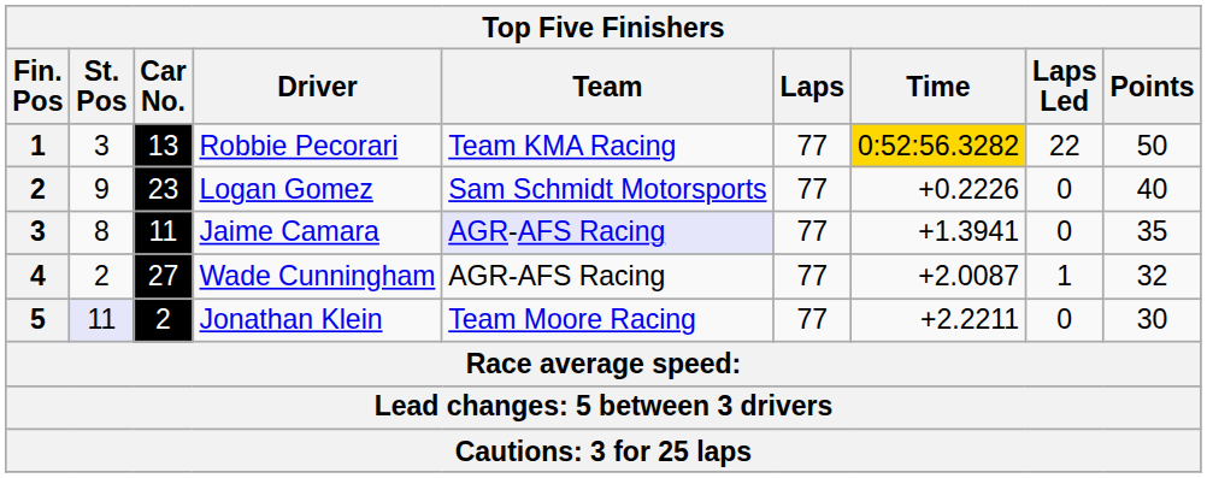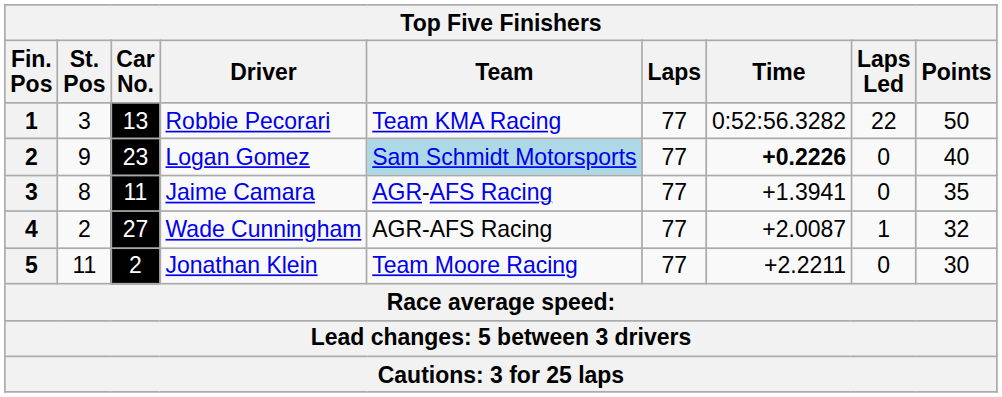 <table class="wikitable" style="font-size:85%;">
 <tr>
 <th colspan=9>Top Five Finishers</th>
 </tr>
 <tr>
 <th>Fin.<br>Pos</th>
 <th>St.<br>Pos</th>
 <th>Car<br>No.</th>
 <th>Driver</th>
 <th>Team</th>
 <th>Laps</th>
 <th>Time</th>
 <th>Laps<br>Led</th>
 <th>Points</th>
 </tr>
 <tr>
 <th>1</th>
 <td align=center>3</td>
 <td style="background:#000000; color:white;" align=center>13</td>
 <td> <a href='#'>Robbie Pecorari</a></td>
 <td><a href='#'>Team KMA Racing</a></td>
 <td align=center>77</td>
-<td align=right style="background: gold;">0:52:56.3282</td>
+<td align=right>0:52:56.3282</td>
 <td align=center>22</td>
 <td align=center>50</td>
 </tr>
 <tr>
 <th>2</th>
 <td align=center>9</td>
 <td style="background:#000000; color:white;" align=center>23</td>
 <td> <a href='#'>Logan Gomez</a></td>
-<td><a href='#'>Sam Schmidt Motorsports</a></td>
+<td style="background: lightblue;"><a href='#'>Sam Schmidt Motorsports</a></td>
 <td align=center>77</td>
-<td align=right>+0.2226</td>
+<td align=right><strong>+0.2226</strong></td>
 <td align=center>0</td>
 <td align=center>40</td>
 </tr>
 <tr>
 <th>3</th>
 <td align=center>8</td>
 <td style="background:#000000; color:white;" align=center>11</td>
 <td> <a href='#'>Jaime Camara</a></td>
-<td style="background: lavender;"><a href='#'>AGR</a>-<a href='#'>AFS Racing</a></td>
+<td><a href='#'>AGR</a>-<a href='#'>AFS Racing</a></td>
 <td align=center>77</td>
 <td align=right>+1.3941</td>
 <td align=center>0</td>
 <td align=center>35</td>
 </tr>
 <tr>
 <th>4</th>
 <td align=center>2</td>
 <td style="background:#000000; color:white;" align=center>27</td>
 <td> <a href='#'>Wade Cunningham</a></td>
 <td>AGR-AFS Racing</td>
 <td align=center>77</td>
 <td align=right>+2.0087</td>
 <td align=center>1</td>
 <td align=center>32</td>
 </tr>
 <tr>
 <th>5</th>
-<td align=center style="background: lavender;">11</td>
+<td align=center>11</td>
 <td style="background:#000000; color:white;" align=center>2</td>
 <td> <a href='#'>Jonathan Klein</a></td>
 <td><a href='#'>Team Moore Racing</a></td>
 <td align=center>77</td>
 <td align=right>+2.2211</td>
 <td align=center>0</td>
 <td align=center>30</td>
 </tr>
 <tr>
 <th colspan=9>Race average speed: </th>
 </tr>
 <tr>
 <th colspan=9>Lead changes: 5 between 3 drivers</th>
 </tr>
 <tr>
 <th colspan=9>Cautions: 3 for 25 laps</th>
 </tr>
 </table>
